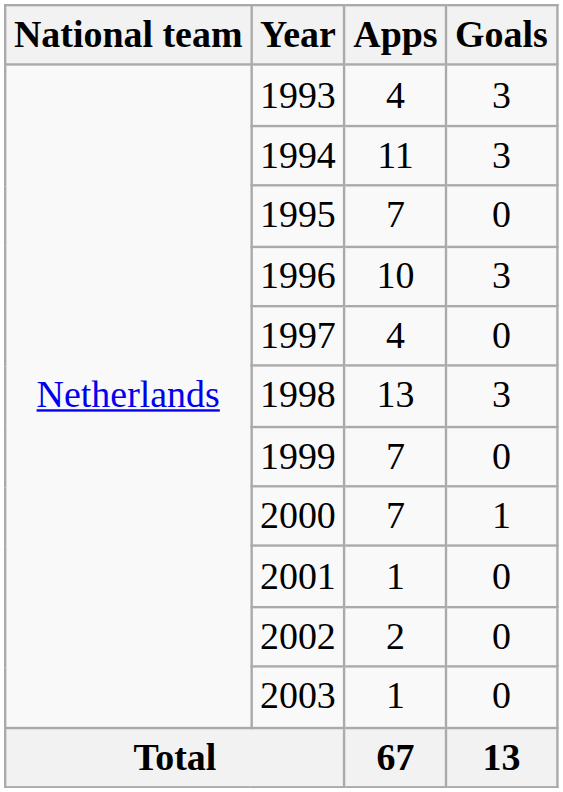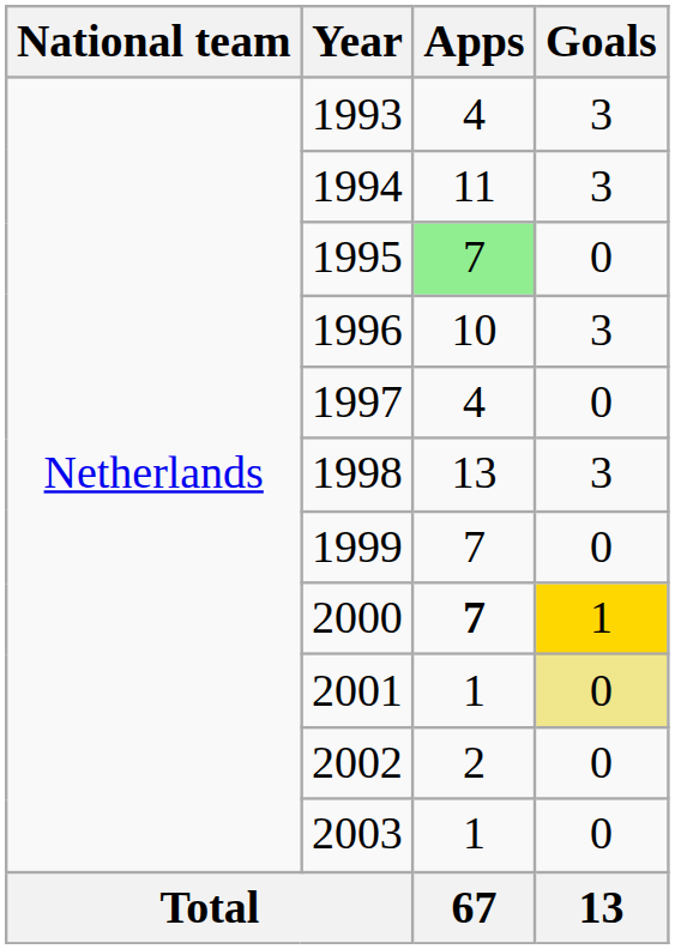 <table class="wikitable" style="text-align: center;">
 <tr>
 <th>National team</th>
 <th>Year</th>
 <th>Apps</th>
 <th>Goals</th>
 </tr>
 <tr>
 <td rowspan="11"><a href='#'>Netherlands</a></td>
 <td>1993</td>
 <td>4</td>
 <td>3</td>
 </tr>
 <tr>
 <td>1994</td>
 <td>11</td>
 <td>3</td>
 </tr>
 <tr>
 <td>1995</td>
-<td>7</td>
+<td style="background: lightgreen;">7</td>
 <td>0</td>
 </tr>
 <tr>
 <td>1996</td>
 <td>10</td>
 <td>3</td>
 </tr>
 <tr>
 <td>1997</td>
 <td>4</td>
 <td>0</td>
 </tr>
 <tr>
 <td>1998</td>
 <td>13</td>
 <td>3</td>
 </tr>
 <tr>
 <td>1999</td>
 <td>7</td>
 <td>0</td>
 </tr>
 <tr>
 <td>2000</td>
-<td>7</td>
-<td>1</td>
+<td><strong>7</strong></td>
+<td style="background: gold;">1</td>
 </tr>
 <tr>
 <td>2001</td>
 <td>1</td>
-<td>0</td>
+<td style="background: khaki;">0</td>
 </tr>
 <tr>
 <td>2002</td>
 <td>2</td>
 <td>0</td>
 </tr>
 <tr>
 <td>2003</td>
 <td>1</td>
 <td>0</td>
 </tr>
 <tr>
 <th colspan="2">Total</th>
 <th>67</th>
 <th>13</th>
 </tr>
 </table>
